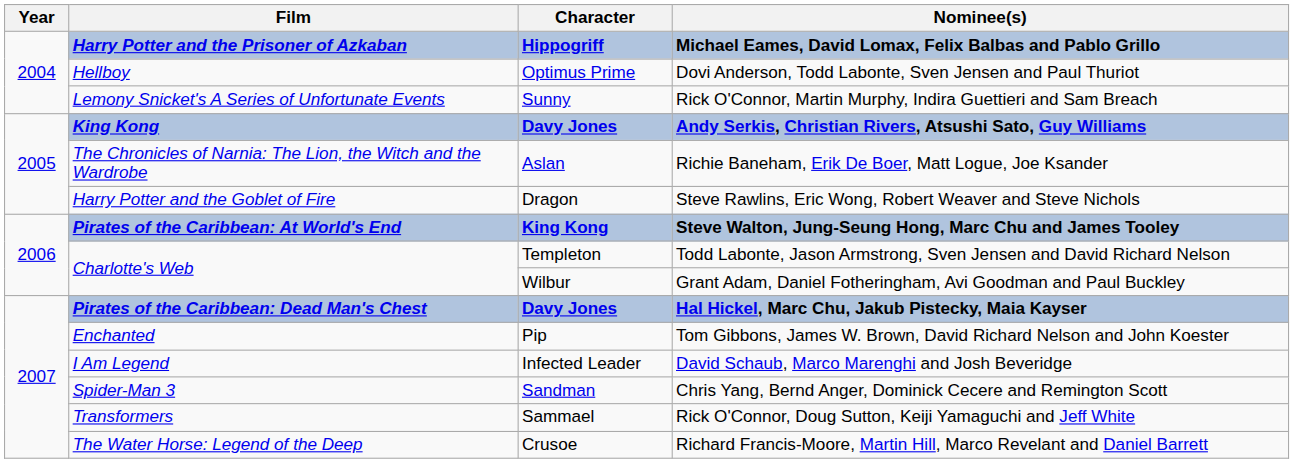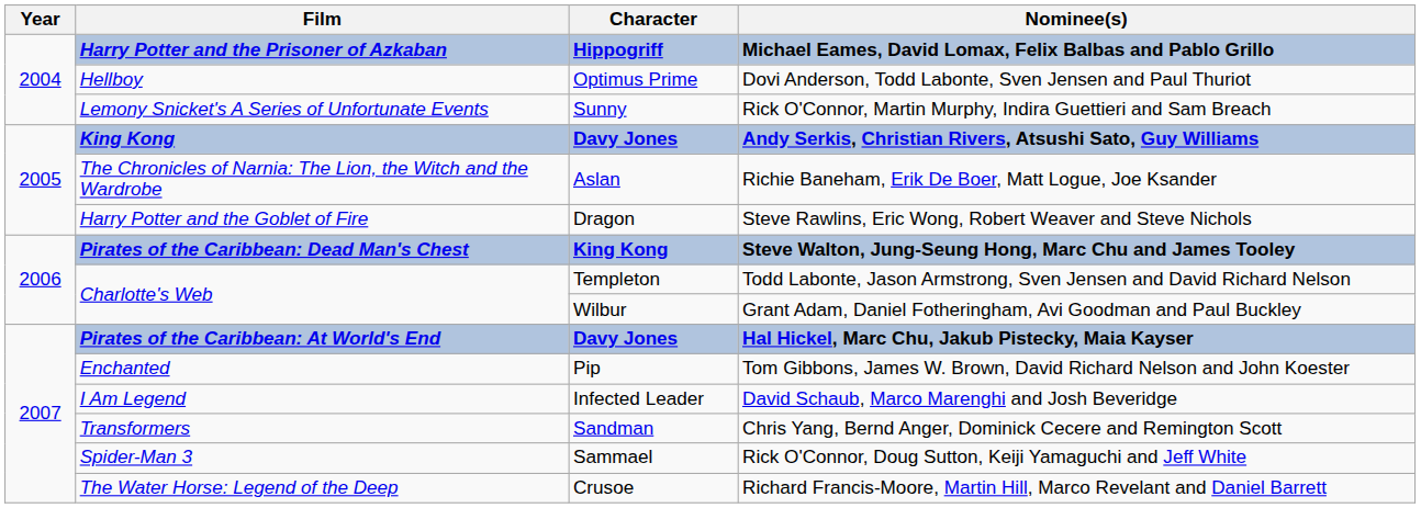 <table class="wikitable" width="95%" cellpadding="5">
 <tr>
 <th width="5%">Year</th>
 <th width="35%">Film</th>
 <th width="12%">Character</th>
 <th width="50%">Nominee(s)</th>
 </tr>
 <tr>
 <td rowspan="3" style="text-align:center;"><a href='#'>2004</a><br></td>
 <td style="background:#B0C4DE;"><strong><em><a href='#'>Harry Potter and the Prisoner of Azkaban</a></em></strong></td>
 <td style="background:#B0C4DE;"><strong><a href='#'>Hippogriff</a></strong></td>
 <td style="background:#B0C4DE;"><strong>Michael Eames, David Lomax, Felix Balbas and Pablo Grillo</strong></td>
 </tr>
 <tr>
 <td><em><a href='#'>Hellboy</a></em></td>
 <td><a href='#'>Optimus Prime</a></td>
 <td>Dovi Anderson, Todd Labonte, Sven Jensen and Paul Thuriot</td>
 </tr>
 <tr>
 <td><em><a href='#'>Lemony Snicket's A Series of Unfortunate Events</a></em></td>
 <td><a href='#'>Sunny</a></td>
 <td>Rick O'Connor, Martin Murphy, Indira Guettieri and Sam Breach</td>
 </tr>
 <tr>
 <td rowspan="3" style="text-align:center;"><a href='#'>2005</a><br></td>
 <td style="background:#B0C4DE;"><strong><em><a href='#'>King Kong</a></em></strong></td>
 <td style="background:#B0C4DE;"><strong><a href='#'>Davy Jones</a></strong></td>
 <td style="background:#B0C4DE;"><strong><a href='#'>Andy Serkis</a>, <a href='#'>Christian Rivers</a>, Atsushi Sato, <a href='#'>Guy Williams</a></strong></td>
 </tr>
 <tr>
 <td><em><a href='#'>The Chronicles of Narnia: The Lion, the Witch and the Wardrobe</a></em></td>
 <td><a href='#'>Aslan</a></td>
 <td>Richie Baneham, <a href='#'>Erik De Boer</a>, Matt Logue, Joe Ksander</td>
 </tr>
 <tr>
 <td><em><a href='#'>Harry Potter and the Goblet of Fire</a></em></td>
 <td>Dragon</td>
 <td>Steve Rawlins, Eric Wong, Robert Weaver and Steve Nichols</td>
 </tr>
 <tr>
 <td rowspan="3" style="text-align:center;"><a href='#'>2006</a><br></td>
-<td style="background:#B0C4DE;"><strong><em><a href='#'>Pirates of the Caribbean: At World's End</a></em></strong></td>
+<td style="background:#B0C4DE;"><strong><em><a href='#'>Pirates of the Caribbean: Dead Man's Chest</a></em></strong></td>
 <td style="background:#B0C4DE;"><strong><a href='#'>King Kong</a></strong></td>
 <td style="background:#B0C4DE;"><strong>Steve Walton, Jung-Seung Hong, Marc Chu and James Tooley</strong></td>
 </tr>
 <tr>
 <td rowspan="2"><em><a href='#'>Charlotte's Web</a></em></td>
 <td>Templeton</td>
 <td>Todd Labonte, Jason Armstrong, Sven Jensen and David Richard Nelson</td>
 </tr>
 <tr>
 <td>Wilbur</td>
 <td>Grant Adam, Daniel Fotheringham, Avi Goodman and Paul Buckley</td>
 </tr>
 <tr>
 <td rowspan="6" style="text-align:center;"><a href='#'>2007</a><br></td>
-<td style="background:#B0C4DE;"><strong><em><a href='#'>Pirates of the Caribbean: Dead Man's Chest</a></em></strong></td>
+<td style="background:#B0C4DE;"><strong><em><a href='#'>Pirates of the Caribbean: At World's End</a></em></strong></td>
 <td style="background:#B0C4DE;"><strong><a href='#'>Davy Jones</a></strong></td>
 <td style="background:#B0C4DE;"><strong><a href='#'>Hal Hickel</a>, Marc Chu, Jakub Pistecky, Maia Kayser</strong></td>
 </tr>
 <tr>
 <td><em><a href='#'>Enchanted</a></em></td>
 <td>Pip</td>
 <td>Tom Gibbons, James W. Brown, David Richard Nelson and John Koester</td>
 </tr>
 <tr>
 <td><em><a href='#'>I Am Legend</a></em></td>
 <td>Infected Leader</td>
 <td><a href='#'>David Schaub</a>, <a href='#'>Marco Marenghi</a> and Josh Beveridge</td>
 </tr>
 <tr>
-<td><em><a href='#'>Spider-Man 3</a></em></td>
+<td><em><a href='#'>Transformers</a></em></td>
 <td><a href='#'>Sandman</a></td>
 <td>Chris Yang, Bernd Anger, Dominick Cecere and Remington Scott</td>
 </tr>
 <tr>
-<td><em><a href='#'>Transformers</a></em></td>
+<td><em><a href='#'>Spider-Man 3</a></em></td>
 <td>Sammael</td>
 <td>Rick O'Connor, Doug Sutton, Keiji Yamaguchi and <a href='#'>Jeff White</a></td>
 </tr>
 <tr>
 <td><em><a href='#'>The Water Horse: Legend of the Deep</a></em></td>
 <td>Crusoe</td>
 <td>Richard Francis-Moore, <a href='#'>Martin Hill</a>, Marco Revelant and <a href='#'>Daniel Barrett</a></td>
 </tr>
 </table>
